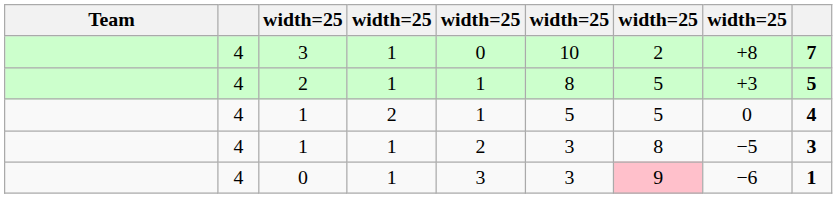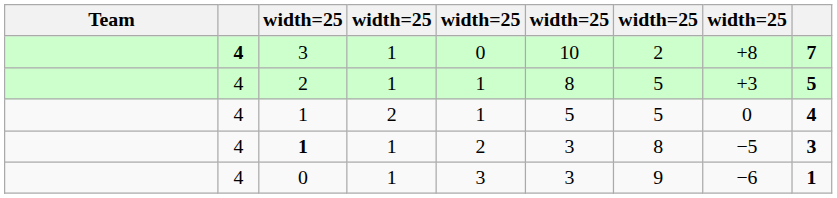 <table class="wikitable" style="text-align: center;">
 <tr>
 <th style="width:165px;">Team</th>
 <th width=25></th>
 <th>width=25</th>
 <th>width=25</th>
 <th>width=25</th>
 <th>width=25</th>
 <th>width=25</th>
 <th>width=25</th>
 <th width=25></th>
 </tr>
 <tr style="background:#cfc;">
 <td align="left"></td>
-<td>4</td>
+<td><strong>4</strong></td>
 <td>3</td>
 <td>1</td>
 <td>0</td>
 <td>10</td>
 <td>2</td>
 <td>+8</td>
 <td><strong>7</strong></td>
 </tr>
 <tr style="background:#cfc;">
 <td align="left"></td>
 <td>4</td>
 <td>2</td>
 <td>1</td>
 <td>1</td>
 <td>8</td>
 <td>5</td>
 <td>+3</td>
 <td><strong>5</strong></td>
 </tr>
 <tr>
 <td align="left"></td>
 <td>4</td>
 <td>1</td>
 <td>2</td>
 <td>1</td>
 <td>5</td>
 <td>5</td>
 <td>0</td>
 <td><strong>4</strong></td>
 </tr>
 <tr>
 <td align="left"></td>
 <td>4</td>
-<td>1</td>
+<td><strong>1</strong></td>
 <td>1</td>
 <td>2</td>
 <td>3</td>
 <td>8</td>
 <td>−5</td>
 <td><strong>3</strong></td>
 </tr>
 <tr>
 <td align="left"></td>
 <td>4</td>
 <td>0</td>
 <td>1</td>
 <td>3</td>
 <td>3</td>
-<td style="background: pink;">9</td>
+<td>9</td>
 <td>−6</td>
 <td><strong>1</strong></td>
 </tr>
 </table>
